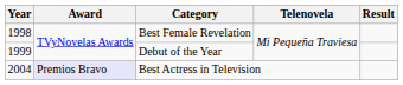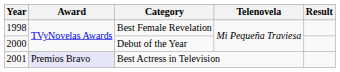 <table class="wikitable">
 <tr style="background:#b0c4de;">
 <th>Year</th>
 <th>Award</th>
 <th>Category</th>
 <th>Telenovela</th>
 <th>Result</th>
 </tr>
 <tr>
 <td>1998</td>
 <td rowspan=2><a href='#'>TVyNovelas Awards</a></td>
 <td>Best Female Revelation</td>
 <td rowspan=2><em>Mi Pequeña Traviesa</em></td>
 <td></td>
 </tr>
 <tr>
-<td>1999</td>
+<td>2000</td>
 <td>Debut of the Year</td>
 <td></td>
 </tr>
 <tr>
-<td>2004</td>
+<td>2001</td>
 <td style="background: lavender;">Premios Bravo</td>
 <td colspan=2>Best Actress in Television</td>
 <td></td>
 </tr>
 </table>
